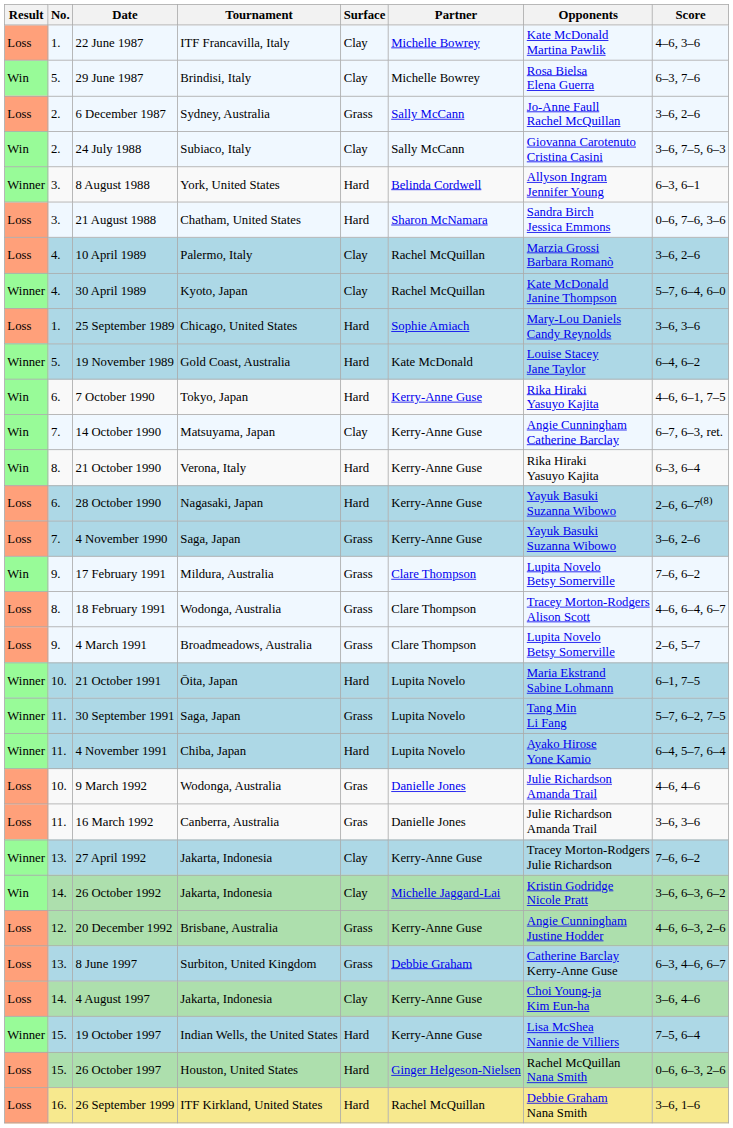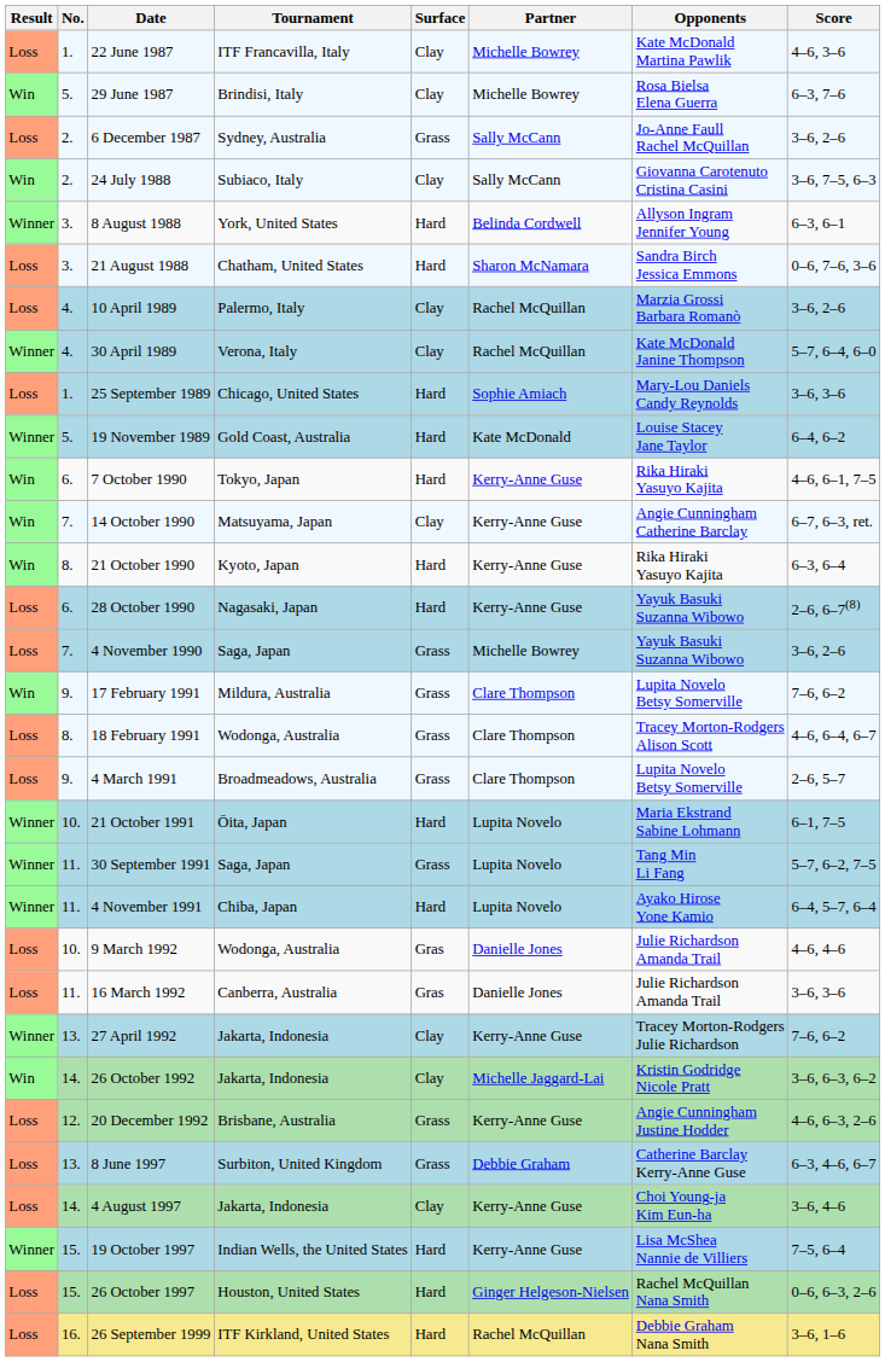 <table class="sortable wikitable" style=font-size:97%>
 <tr>
 <th>Result</th>
 <th>No.</th>
 <th>Date</th>
 <th>Tournament</th>
 <th>Surface</th>
 <th>Partner</th>
 <th>Opponents</th>
 <th class="unsortable">Score</th>
 </tr>
 <tr bgcolor="#f0f8ff">
 <td style="background:#ffa07a;">Loss</td>
 <td>1.</td>
 <td>22 June 1987</td>
 <td>ITF Francavilla, Italy</td>
 <td>Clay</td>
 <td> <a href='#'>Michelle Bowrey</a></td>
 <td> <a href='#'>Kate McDonald</a> <br>  <a href='#'>Martina Pawlik</a></td>
 <td>4–6, 3–6</td>
 </tr>
 <tr bgcolor="#f0f8ff">
 <td style="background:#98fb98;">Win</td>
 <td>5.</td>
 <td>29 June 1987</td>
 <td>Brindisi, Italy</td>
 <td>Clay</td>
 <td> Michelle Bowrey</td>
 <td> <a href='#'>Rosa Bielsa</a> <br>  <a href='#'>Elena Guerra</a></td>
 <td>6–3, 7–6</td>
 </tr>
 <tr bgcolor="#f0f8ff">
 <td style="background:#ffa07a;">Loss</td>
 <td>2.</td>
 <td>6 December 1987</td>
 <td>Sydney, Australia</td>
 <td>Grass</td>
 <td> <a href='#'>Sally McCann</a></td>
 <td> <a href='#'>Jo-Anne Faull</a> <br>  <a href='#'>Rachel McQuillan</a></td>
 <td>3–6, 2–6</td>
 </tr>
 <tr bgcolor="#f0f8ff">
 <td style="background:#98fb98;">Win</td>
 <td>2.</td>
 <td>24 July 1988</td>
 <td>Subiaco, Italy</td>
 <td>Clay</td>
 <td> Sally McCann</td>
 <td> <a href='#'>Giovanna Carotenuto</a> <br>  <a href='#'>Cristina Casini</a></td>
 <td>3–6, 7–5, 6–3</td>
 </tr>
 <tr>
 <td bgcolor="98FB98">Winner</td>
 <td>3.</td>
 <td>8 August 1988</td>
 <td>York, United States</td>
 <td>Hard</td>
 <td> <a href='#'>Belinda Cordwell</a></td>
 <td> <a href='#'>Allyson Ingram</a> <br>  <a href='#'>Jennifer Young</a></td>
 <td>6–3, 6–1</td>
 </tr>
 <tr bgcolor="#f0f8ff">
 <td style="background:#ffa07a;">Loss</td>
 <td>3.</td>
 <td>21 August 1988</td>
 <td>Chatham, United States</td>
 <td>Hard</td>
 <td> <a href='#'>Sharon McNamara</a></td>
 <td> <a href='#'>Sandra Birch</a> <br>  <a href='#'>Jessica Emmons</a></td>
 <td>0–6, 7–6, 3–6</td>
 </tr>
 <tr style="background:lightblue">
 <td style="background:#ffa07a;">Loss</td>
 <td>4.</td>
 <td>10 April 1989</td>
 <td>Palermo, Italy</td>
 <td>Clay</td>
 <td> Rachel McQuillan</td>
 <td> <a href='#'>Marzia Grossi</a> <br>  <a href='#'>Barbara Romanò</a></td>
 <td>3–6, 2–6</td>
 </tr>
 <tr style="background:lightblue">
 <td bgcolor="98FB98">Winner</td>
 <td>4.</td>
 <td>30 April 1989</td>
-<td>Kyoto, Japan</td>
+<td>Verona, Italy</td>
 <td>Clay</td>
 <td> Rachel McQuillan</td>
 <td> <a href='#'>Kate McDonald</a> <br>  <a href='#'>Janine Thompson</a></td>
 <td>5–7, 6–4, 6–0</td>
 </tr>
 <tr bgcolor=lightblue>
 <td style="background:#ffa07a;">Loss</td>
 <td>1.</td>
 <td>25 September 1989</td>
 <td>Chicago, United States</td>
 <td>Hard</td>
 <td> <a href='#'>Sophie Amiach</a></td>
 <td> <a href='#'>Mary-Lou Daniels</a> <br>  <a href='#'>Candy Reynolds</a></td>
 <td>3–6, 3–6</td>
 </tr>
 <tr style="background:lightblue">
 <td bgcolor="98FB98">Winner</td>
 <td>5.</td>
 <td>19 November 1989</td>
 <td>Gold Coast, Australia</td>
 <td>Hard</td>
 <td> Kate McDonald</td>
 <td> <a href='#'>Louise Stacey</a> <br>  <a href='#'>Jane Taylor</a></td>
 <td>6–4, 6–2</td>
 </tr>
 <tr>
 <td style="background:#98fb98;">Win</td>
 <td>6.</td>
 <td>7 October 1990</td>
 <td>Tokyo, Japan</td>
 <td>Hard</td>
 <td> <a href='#'>Kerry-Anne Guse</a></td>
 <td> <a href='#'>Rika Hiraki</a> <br>  <a href='#'>Yasuyo Kajita</a></td>
 <td>4–6, 6–1, 7–5</td>
 </tr>
 <tr bgcolor=#f0f8ff>
 <td style="background:#98fb98;">Win</td>
 <td>7.</td>
 <td>14 October 1990</td>
 <td>Matsuyama, Japan</td>
 <td>Clay</td>
 <td> Kerry-Anne Guse</td>
 <td> <a href='#'>Angie Cunningham</a> <br>  <a href='#'>Catherine Barclay</a></td>
 <td>6–7, 6–3, ret.</td>
 </tr>
 <tr>
 <td style="background:#98fb98;">Win</td>
 <td>8.</td>
 <td>21 October 1990</td>
-<td>Verona, Italy</td>
+<td>Kyoto, Japan</td>
 <td>Hard</td>
 <td> Kerry-Anne Guse</td>
 <td> Rika Hiraki <br>  Yasuyo Kajita</td>
 <td>6–3, 6–4</td>
 </tr>
 <tr style="background:lightblue;">
 <td style="background:#ffa07a;">Loss</td>
 <td>6.</td>
 <td>28 October 1990</td>
 <td>Nagasaki, Japan</td>
 <td>Hard</td>
 <td> Kerry-Anne Guse</td>
 <td> <a href='#'>Yayuk Basuki</a> <br>  <a href='#'>Suzanna Wibowo</a></td>
 <td>2–6, 6–7<sup>(8)</sup></td>
 </tr>
 <tr style="background:lightblue;">
 <td style="background:#ffa07a;">Loss</td>
 <td>7.</td>
 <td>4 November 1990</td>
 <td>Saga, Japan</td>
 <td>Grass</td>
-<td> Kerry-Anne Guse</td>
+<td> Michelle Bowrey</td>
 <td> <a href='#'>Yayuk Basuki</a> <br>  <a href='#'>Suzanna Wibowo</a></td>
 <td>3–6, 2–6</td>
 </tr>
 <tr bgcolor="#f0f8ff">
 <td style="background:#98fb98;">Win</td>
 <td>9.</td>
 <td>17 February 1991</td>
 <td>Mildura, Australia</td>
 <td>Grass</td>
 <td> <a href='#'>Clare Thompson</a></td>
 <td> <a href='#'>Lupita Novelo</a> <br>  <a href='#'>Betsy Somerville</a></td>
 <td>7–6, 6–2</td>
 </tr>
 <tr bgcolor="#f0f8ff">
 <td style="background:#ffa07a;">Loss</td>
 <td>8.</td>
 <td>18 February 1991</td>
 <td>Wodonga, Australia</td>
 <td>Grass</td>
 <td> Clare Thompson</td>
 <td> <a href='#'>Tracey Morton-Rodgers</a> <br>  <a href='#'>Alison Scott</a></td>
 <td>4–6, 6–4, 6–7</td>
 </tr>
 <tr bgcolor="#f0f8ff">
 <td style="background:#ffa07a;">Loss</td>
 <td>9.</td>
 <td>4 March 1991</td>
 <td>Broadmeadows, Australia</td>
 <td>Grass</td>
 <td> Clare Thompson</td>
 <td> <a href='#'>Lupita Novelo</a> <br>  <a href='#'>Betsy Somerville</a></td>
 <td>2–6, 5–7</td>
 </tr>
 <tr style="background:lightblue;">
 <td bgcolor="98FB98">Winner</td>
 <td>10.</td>
 <td>21 October 1991</td>
 <td>Ōita, Japan</td>
 <td>Hard</td>
 <td> Lupita Novelo</td>
 <td> <a href='#'>Maria Ekstrand</a> <br>  <a href='#'>Sabine Lohmann</a></td>
 <td>6–1, 7–5</td>
 </tr>
 <tr style="background:lightblue;">
 <td bgcolor="98FB98">Winner</td>
 <td>11.</td>
 <td>30 September 1991</td>
 <td>Saga, Japan</td>
 <td>Grass</td>
 <td> Lupita Novelo</td>
 <td> <a href='#'>Tang Min</a> <br>  <a href='#'>Li Fang</a></td>
 <td>5–7, 6–2, 7–5</td>
 </tr>
 <tr style="background:lightblue;">
 <td bgcolor="98FB98">Winner</td>
 <td>11.</td>
 <td>4 November 1991</td>
 <td>Chiba, Japan</td>
 <td>Hard</td>
 <td> Lupita Novelo</td>
 <td> <a href='#'>Ayako Hirose</a> <br>  <a href='#'>Yone Kamio</a></td>
 <td>6–4, 5–7, 6–4</td>
 </tr>
 <tr>
 <td style="background:#ffa07a;">Loss</td>
 <td>10.</td>
 <td>9 March 1992</td>
 <td>Wodonga, Australia</td>
 <td>Gras</td>
 <td> <a href='#'>Danielle Jones</a></td>
 <td> <a href='#'>Julie Richardson</a> <br>  <a href='#'>Amanda Trail</a></td>
 <td>4–6, 4–6</td>
 </tr>
 <tr>
 <td style="background:#ffa07a;">Loss</td>
 <td>11.</td>
 <td>16 March 1992</td>
 <td>Canberra, Australia</td>
 <td>Gras</td>
 <td> Danielle Jones</td>
 <td> Julie Richardson <br>  Amanda Trail</td>
 <td>3–6, 3–6</td>
 </tr>
 <tr style="background:lightblue;">
 <td bgcolor="98FB98">Winner</td>
 <td>13.</td>
 <td>27 April 1992</td>
 <td>Jakarta, Indonesia</td>
 <td>Clay</td>
 <td> Kerry-Anne Guse</td>
 <td> Tracey Morton-Rodgers <br>  Julie Richardson</td>
 <td>7–6, 6–2</td>
 </tr>
 <tr style="background:#addfad;">
 <td style="background:#98fb98;">Win</td>
 <td>14.</td>
 <td>26 October 1992</td>
 <td>Jakarta, Indonesia</td>
 <td>Clay</td>
 <td> <a href='#'>Michelle Jaggard-Lai</a></td>
 <td> <a href='#'>Kristin Godridge</a> <br>  <a href='#'>Nicole Pratt</a></td>
 <td>3–6, 6–3, 6–2</td>
 </tr>
 <tr style="background:#addfad;">
 <td style="background:#ffa07a;">Loss</td>
 <td>12.</td>
 <td>20 December 1992</td>
 <td>Brisbane, Australia</td>
 <td>Grass</td>
 <td> Kerry-Anne Guse</td>
 <td> <a href='#'>Angie Cunningham</a> <br>  <a href='#'>Justine Hodder</a></td>
 <td>4–6, 6–3, 2–6</td>
 </tr>
 <tr style="background:lightblue;">
 <td style="background:#ffa07a;">Loss</td>
 <td>13.</td>
 <td>8 June 1997</td>
 <td>Surbiton, United Kingdom</td>
 <td>Grass</td>
 <td> <a href='#'>Debbie Graham</a></td>
 <td> <a href='#'>Catherine Barclay</a> <br>  Kerry-Anne Guse</td>
 <td>6–3, 4–6, 6–7</td>
 </tr>
 <tr style="background:#addfad;">
 <td style="background:#ffa07a;">Loss</td>
 <td>14.</td>
 <td>4 August 1997</td>
 <td>Jakarta, Indonesia</td>
 <td>Clay</td>
 <td> Kerry-Anne Guse</td>
 <td> <a href='#'>Choi Young-ja</a> <br>  <a href='#'>Kim Eun-ha</a></td>
 <td>3–6, 4–6</td>
 </tr>
 <tr style="background:lightblue;">
 <td bgcolor="98FB98">Winner</td>
 <td>15.</td>
 <td>19 October 1997</td>
 <td>Indian Wells, the United States</td>
 <td>Hard</td>
 <td> Kerry-Anne Guse</td>
 <td> <a href='#'>Lisa McShea</a> <br>  <a href='#'>Nannie de Villiers</a></td>
 <td>7–5, 6–4</td>
 </tr>
 <tr style="background:#addfad;">
 <td style="background:#ffa07a;">Loss</td>
 <td>15.</td>
 <td>26 October 1997</td>
 <td>Houston, United States</td>
 <td>Hard</td>
 <td> <a href='#'>Ginger Helgeson-Nielsen</a></td>
 <td> Rachel McQuillan <br>  <a href='#'>Nana Smith</a></td>
 <td>0–6, 6–3, 2–6</td>
 </tr>
 <tr bgcolor="#F7E98E">
 <td style="background:#ffa07a;">Loss</td>
 <td>16.</td>
 <td>26 September 1999</td>
 <td>ITF Kirkland, United States</td>
 <td>Hard</td>
 <td> Rachel McQuillan</td>
 <td> <a href='#'>Debbie Graham</a> <br>  Nana Smith</td>
 <td>3–6, 1–6</td>
 </tr>
 </table>
